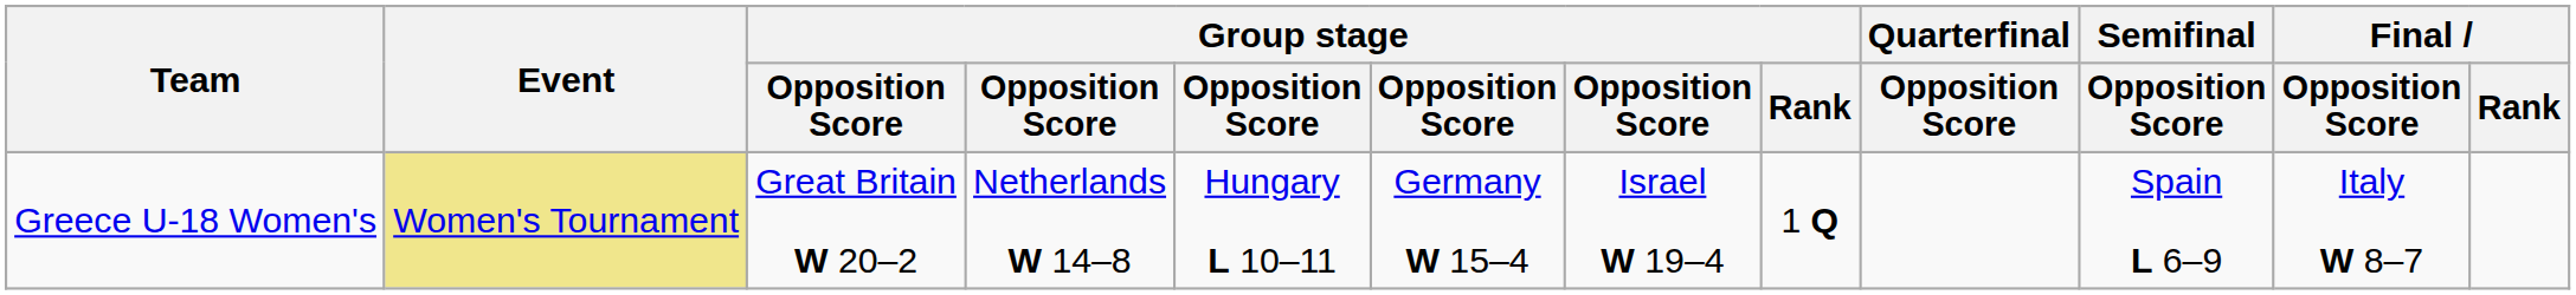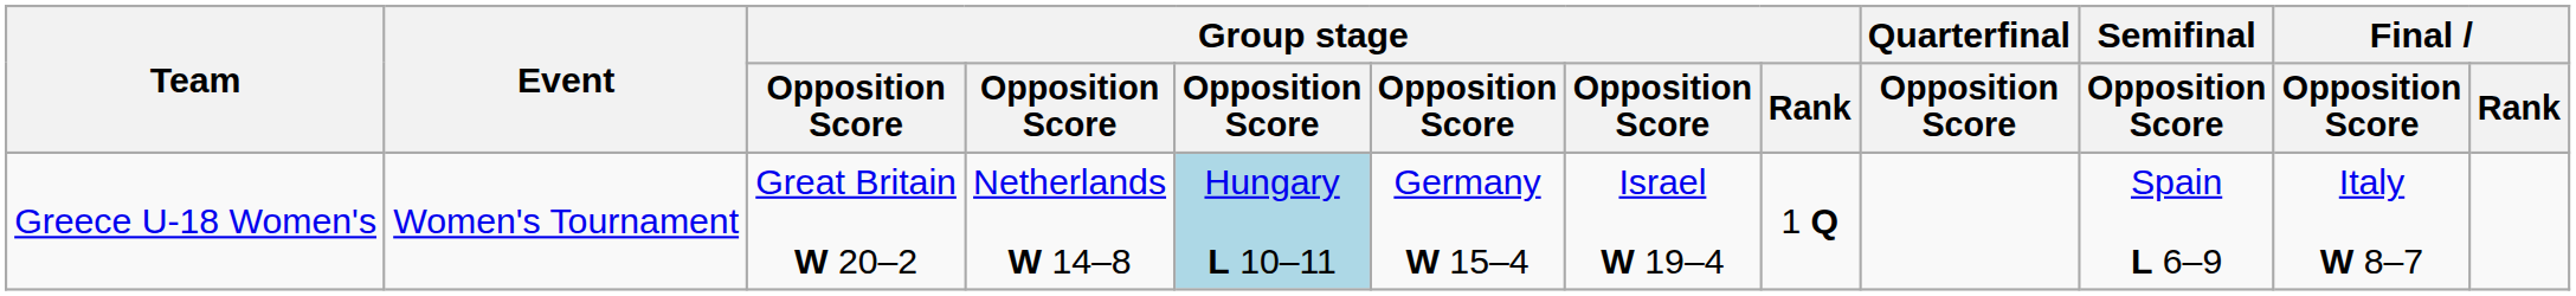 <table class="wikitable" style="font-size:90%">
 <tr>
 <th rowspan=2>Team</th>
 <th rowspan=2>Event</th>
 <th colspan=6>Group stage</th>
 <th>Quarterfinal</th>
 <th>Semifinal</th>
 <th colspan=2>Final / </th>
 </tr>
 <tr style="font-size:95%">
 <th>Opposition<br>Score</th>
 <th>Opposition<br>Score</th>
 <th>Opposition<br>Score</th>
 <th>Opposition<br>Score</th>
 <th>Opposition<br>Score</th>
 <th>Rank</th>
 <th>Opposition<br>Score</th>
 <th>Opposition<br>Score</th>
 <th>Opposition<br>Score</th>
 <th>Rank</th>
 </tr>
 <tr align=center>
 <td align=left><a href='#'>Greece U-18 Women's</a></td>
-<td align=left style="background: khaki;"><a href='#'>Women's Tournament</a></td>
+<td align=left><a href='#'>Women's Tournament</a></td>
 <td><a href='#'>Great Britain</a><br><br><strong>W</strong> 20–2</td>
 <td><a href='#'>Netherlands</a><br><br><strong>W</strong> 14–8</td>
-<td><a href='#'>Hungary</a><br><br><strong>L</strong> 10–11</td>
+<td style="background: lightblue;"><a href='#'>Hungary</a><br><br><strong>L</strong> 10–11</td>
 <td><a href='#'>Germany</a><br><br><strong>W</strong> 15–4</td>
 <td><a href='#'>Israel</a><br><br><strong>W</strong> 19–4</td>
 <td>1 <strong>Q</strong></td>
 <td></td>
 <td><a href='#'>Spain</a><br><br><strong>L</strong> 6–9</td>
 <td><a href='#'>Italy</a><br><br><strong>W</strong> 8–7</td>
 <td></td>
 </tr>
 </table>
